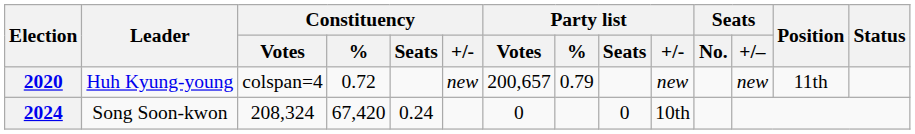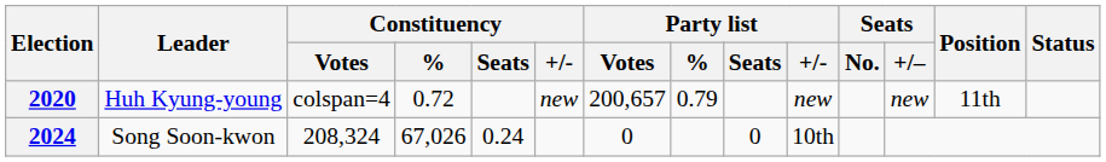 <table class="wikitable" style="text-align:center">
 <tr>
 <th rowspan="2">Election</th>
 <th rowspan="2">Leader</th>
 <th colspan="4">Constituency</th>
 <th colspan="4">Party list</th>
 <th colspan="2">Seats</th>
 <th rowspan="2">Position</th>
 <th rowspan="2">Status</th>
 </tr>
 <tr>
 <th>Votes</th>
 <th>%</th>
 <th>Seats</th>
 <th>+/-</th>
 <th>Votes</th>
 <th>%</th>
 <th>Seats</th>
 <th>+/-</th>
 <th>No.</th>
 <th>+/–</th>
 </tr>
 <tr>
 <th><a href='#'>2020</a></th>
 <td><a href='#'>Huh Kyung-young</a></td>
 <td>colspan=4 </td>
 <td>0.72</td>
 <td></td>
 <td><em>new</em></td>
 <td>200,657</td>
 <td>0.79</td>
 <td></td>
 <td><em>new</em></td>
 <td></td>
 <td><em>new</em></td>
 <td> 11th</td>
 <td></td>
 </tr>
 <tr>
 <th><a href='#'>2024</a></th>
 <td>Song Soon-kwon</td>
 <td>208,324</td>
-<td>67,420</td>
+<td>67,026</td>
 <td>0.24</td>
 <td></td>
 <td> 0</td>
 <td></td>
 <td> 0</td>
 <td> 10th</td>
 <td></td>
 </tr>
 </table>
